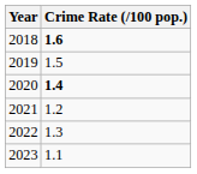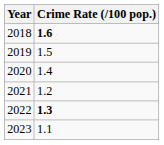 <table class="wikitable">
 <tr>
 <th>Year</th>
 <th>Crime Rate (/100 pop.)</th>
 </tr>
 <tr>
 <td>2018</td>
 <td><strong>1.6</strong></td>
 </tr>
 <tr>
 <td>2019</td>
 <td>1.5</td>
 </tr>
 <tr>
 <td>2020</td>
-<td><strong>1.4</strong></td>
+<td>1.4</td>
 </tr>
 <tr>
 <td>2021</td>
 <td>1.2</td>
 </tr>
 <tr>
 <td>2022</td>
-<td>1.3</td>
+<td><strong>1.3</strong></td>
 </tr>
 <tr>
 <td>2023</td>
 <td>1.1</td>
 </tr>
 </table>
